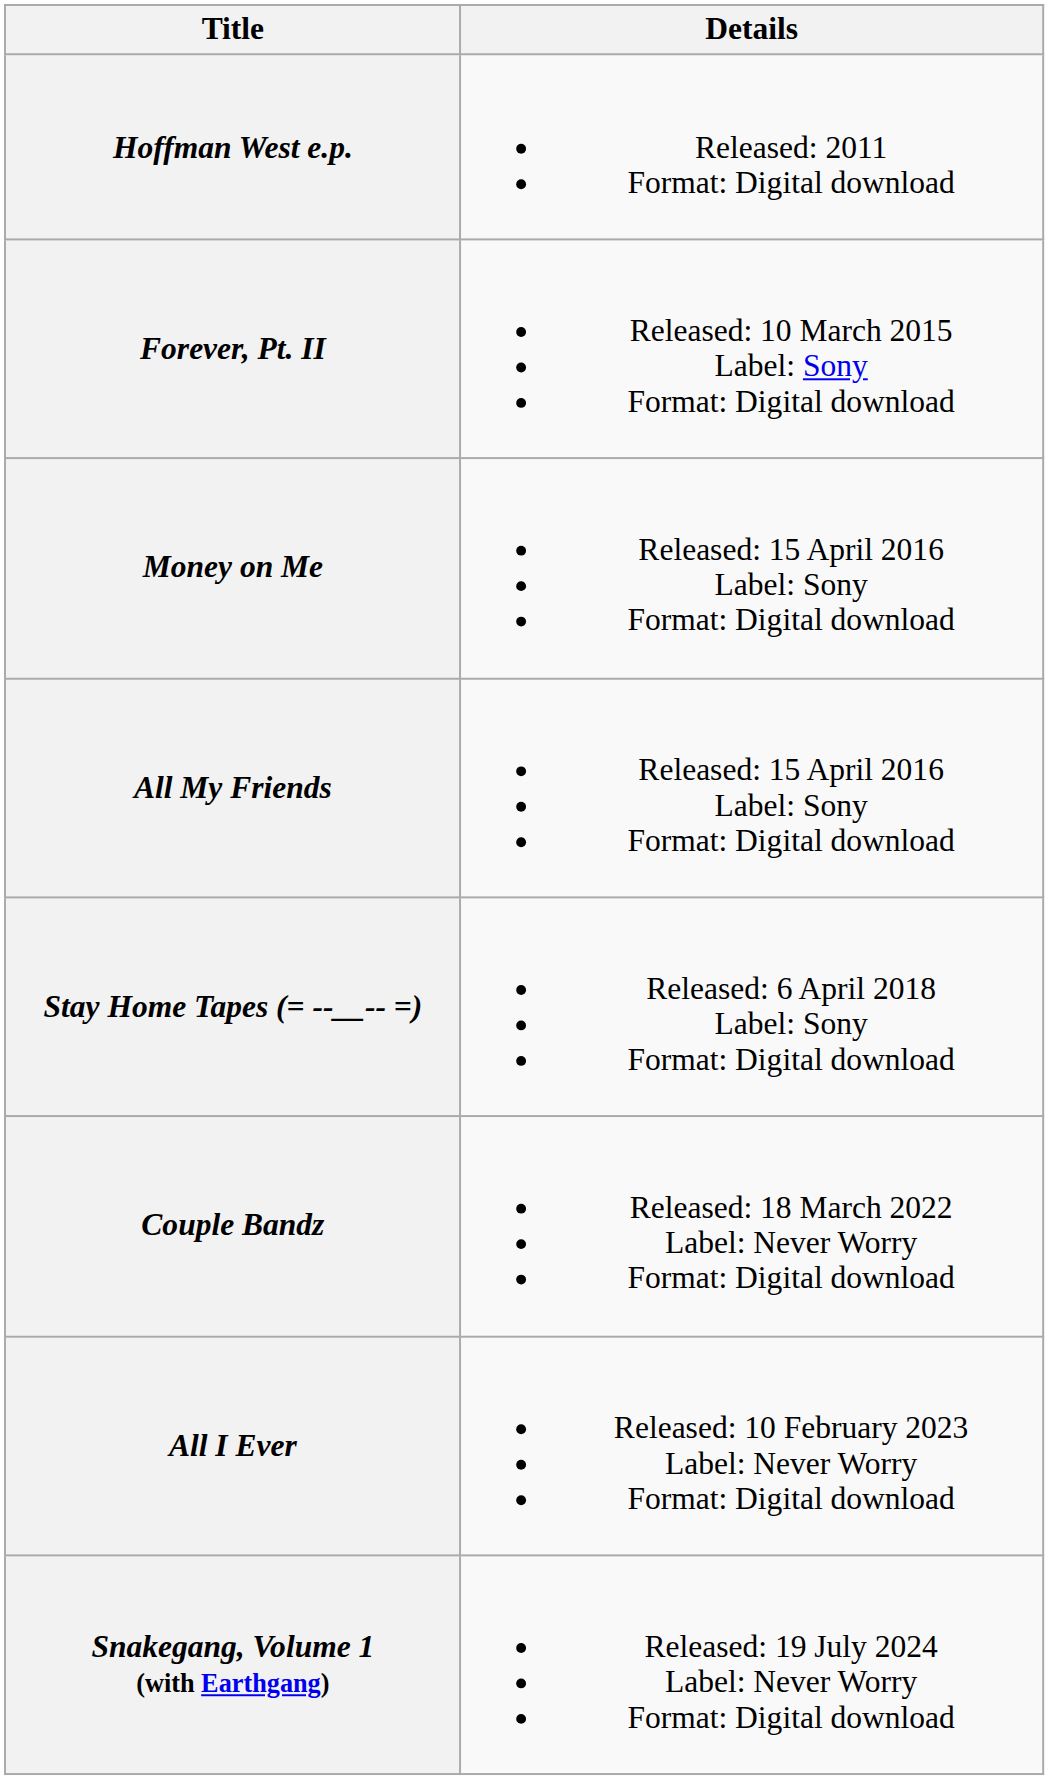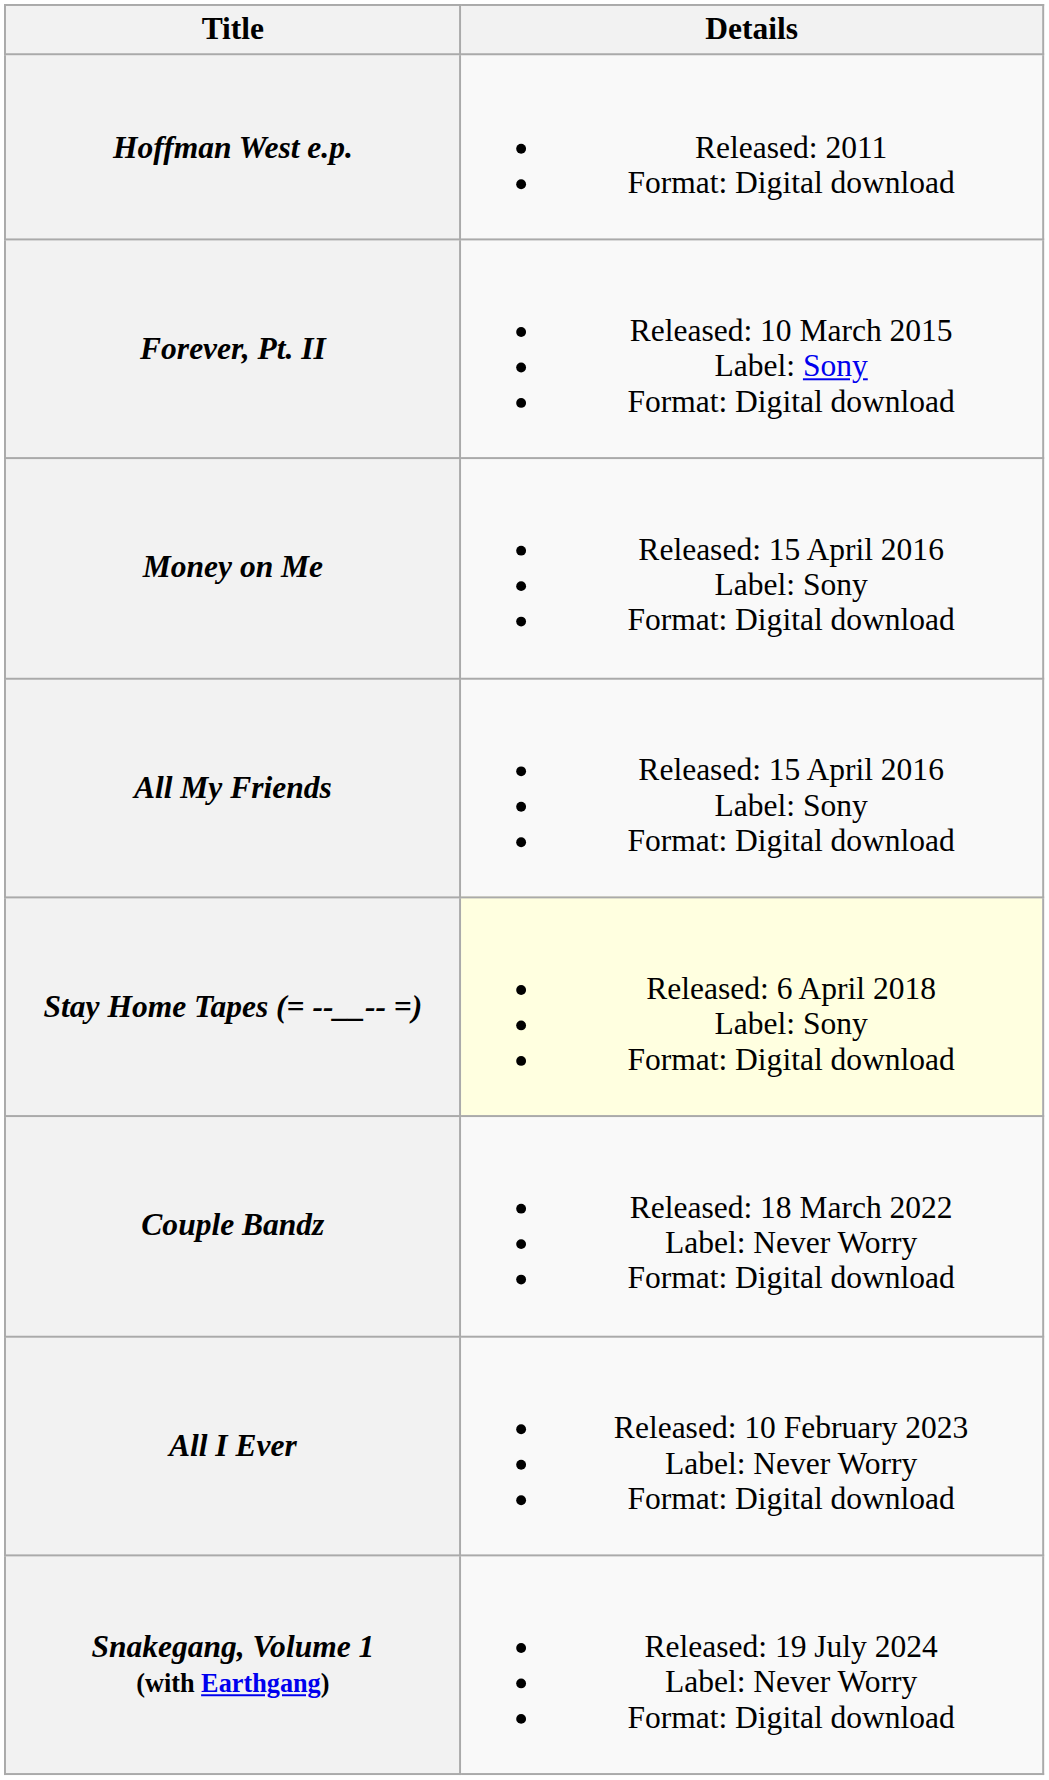 <table class="wikitable plainrowheaders" style="text-align:center;">
 <tr>
 <th scope="col" style="width:14em;">Title</th>
 <th scope="col" style="width:18em;">Details</th>
 </tr>
 <tr>
 <th scope="row"><em>Hoffman West e.p.</em></th>
 <td><br><ul><li>Released: 2011</li><li>Format: Digital download</li></ul></td>
 </tr>
 <tr>
 <th scope="row"><em>Forever, Pt. II</em></th>
 <td><br><ul><li>Released: 10 March 2015</li><li>Label: <a href='#'>Sony</a></li><li>Format: Digital download</li></ul></td>
 </tr>
 <tr>
 <th scope="row"><em>Money on Me</em></th>
 <td><br><ul><li>Released: 15 April 2016</li><li>Label: Sony</li><li>Format: Digital download</li></ul></td>
 </tr>
 <tr>
 <th scope="row"><em>All My Friends</em></th>
 <td><br><ul><li>Released: 15 April 2016</li><li>Label: Sony</li><li>Format: Digital download</li></ul></td>
 </tr>
 <tr>
 <th scope="row"><em>Stay Home Tapes (= --__-- =)</em></th>
-<td><br><ul><li>Released: 6 April 2018</li><li>Label: Sony</li><li>Format: Digital download</li></ul></td>
+<td style="background: lightyellow;"><br><ul><li>Released: 6 April 2018</li><li>Label: Sony</li><li>Format: Digital download</li></ul></td>
 </tr>
 <tr>
 <th scope="row"><em>Couple Bandz</em></th>
 <td><br><ul><li>Released: 18 March 2022</li><li>Label: Never Worry</li><li>Format: Digital download</li></ul></td>
 </tr>
 <tr>
 <th scope="row"><em>All I Ever</em></th>
 <td><br><ul><li>Released: 10 February 2023</li><li>Label: Never Worry</li><li>Format: Digital download</li></ul></td>
 </tr>
 <tr>
 <th scope="row"><em>Snakegang, Volume 1</em> <br><small>(with <a href='#'>Earthgang</a>)</small></th>
 <td><br><ul><li>Released: 19 July 2024</li><li>Label: Never Worry</li><li>Format: Digital download</li></ul></td>
 </tr>
 </table>
